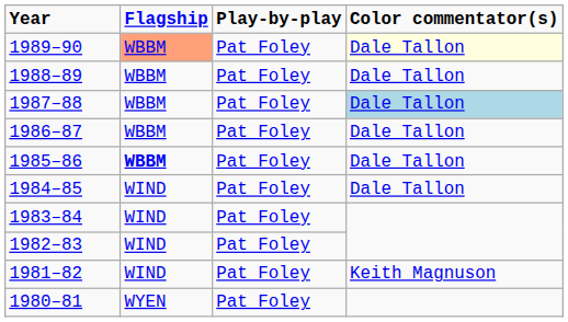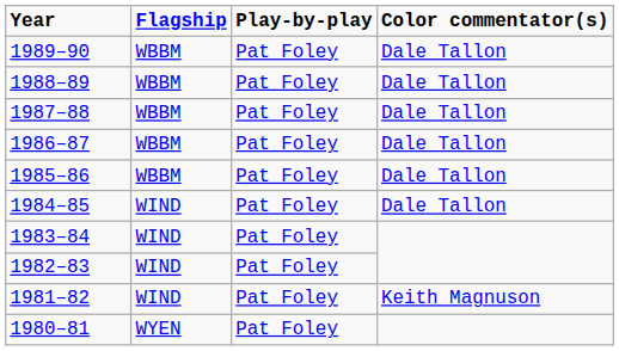 <table class="wikitable">
 <tr>
 <td width="80"><strong>Year</strong></td>
 <td><strong><a href='#'>Flagship</a></strong></td>
 <td><strong>Play-by-play</strong></td>
 <td><strong>Color commentator(s)</strong></td>
 </tr>
 <tr>
 <td><a href='#'>1989–90</a></td>
-<td style="background: lightsalmon;"><a href='#'>WBBM</a></td>
+<td><a href='#'>WBBM</a></td>
 <td><a href='#'>Pat Foley</a></td>
-<td style="background: lightyellow;"><a href='#'>Dale Tallon</a></td>
+<td><a href='#'>Dale Tallon</a></td>
 </tr>
 <tr>
 <td><a href='#'>1988–89</a></td>
 <td><a href='#'>WBBM</a></td>
 <td><a href='#'>Pat Foley</a></td>
 <td><a href='#'>Dale Tallon</a></td>
 </tr>
 <tr>
 <td><a href='#'>1987–88</a></td>
 <td><a href='#'>WBBM</a></td>
 <td><a href='#'>Pat Foley</a></td>
-<td style="background: lightblue;"><a href='#'>Dale Tallon</a></td>
+<td><a href='#'>Dale Tallon</a></td>
 </tr>
 <tr>
 <td><a href='#'>1986–87</a></td>
 <td><a href='#'>WBBM</a></td>
 <td><a href='#'>Pat Foley</a></td>
 <td><a href='#'>Dale Tallon</a></td>
 </tr>
 <tr>
 <td><a href='#'>1985–86</a></td>
-<td><strong><a href='#'>WBBM</a></strong></td>
+<td><a href='#'>WBBM</a></td>
 <td><a href='#'>Pat Foley</a></td>
 <td><a href='#'>Dale Tallon</a></td>
 </tr>
 <tr>
 <td><a href='#'>1984–85</a></td>
 <td><a href='#'>WIND</a></td>
 <td><a href='#'>Pat Foley</a></td>
 <td><a href='#'>Dale Tallon</a></td>
 </tr>
 <tr>
 <td><a href='#'>1983–84</a></td>
 <td><a href='#'>WIND</a></td>
 <td><a href='#'>Pat Foley</a></td>
 </tr>
 <tr>
 <td><a href='#'>1982–83</a></td>
 <td><a href='#'>WIND</a></td>
 <td><a href='#'>Pat Foley</a></td>
 </tr>
 <tr Dennis Hull/Playoffs only>
 <td><a href='#'>1981–82</a></td>
 <td><a href='#'>WIND</a></td>
 <td><a href='#'>Pat Foley</a></td>
 <td><a href='#'>Keith Magnuson</a></td>
 </tr>
 <tr>
 <td><a href='#'>1980–81</a></td>
 <td><a href='#'>WYEN</a></td>
 <td><a href='#'>Pat Foley</a></td>
 </tr>
 </table>
